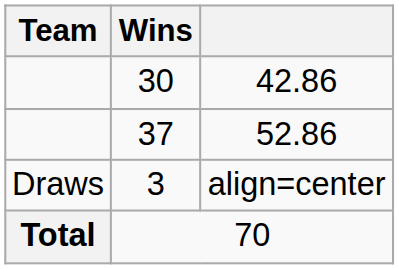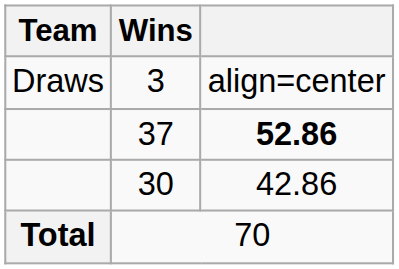 <table class="wikitable" style="float: right">
 <tr style="font-size: 96%;">
 <th>Team</th>
 <th width=35px>Wins</th>
 <th width=35px></th>
 </tr>
 <tr>
-<td></td>
-<td align=center>30</td>
-<td align=center>42.86</td>
+<td>Draws</td>
+<td align=center>3</td>
+<td>align=center </td>
 </tr>
 <tr>
 <td></td>
 <td align=center>37</td>
-<td align=center>52.86</td>
+<td align=center><strong>52.86</strong></td>
 </tr>
 <tr>
-<td>Draws</td>
-<td align=center>3</td>
-<td>align=center </td>
+<td></td>
+<td align=center>30</td>
+<td align=center>42.86</td>
 </tr>
 <tr>
 <th>Total</th>
 <td align=center colspan=2>70</td>
 </tr>
 </table>
